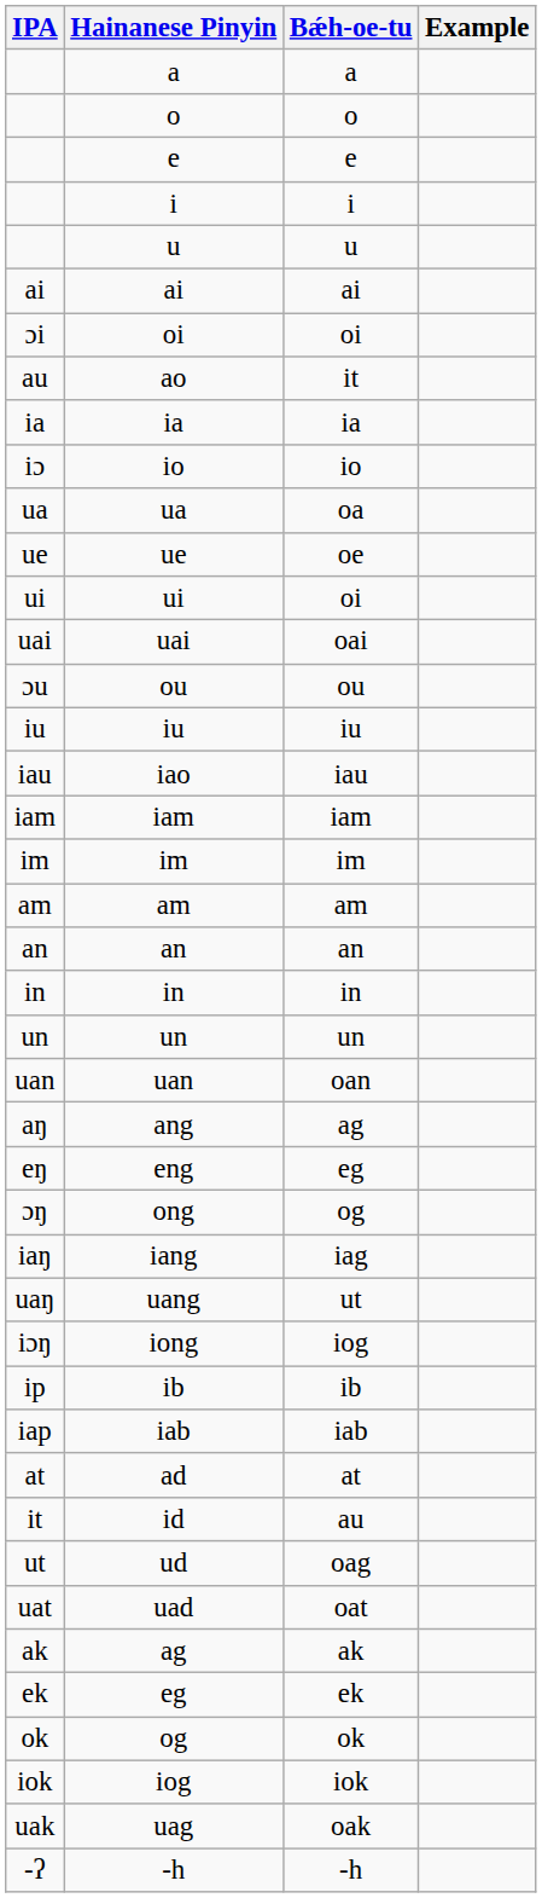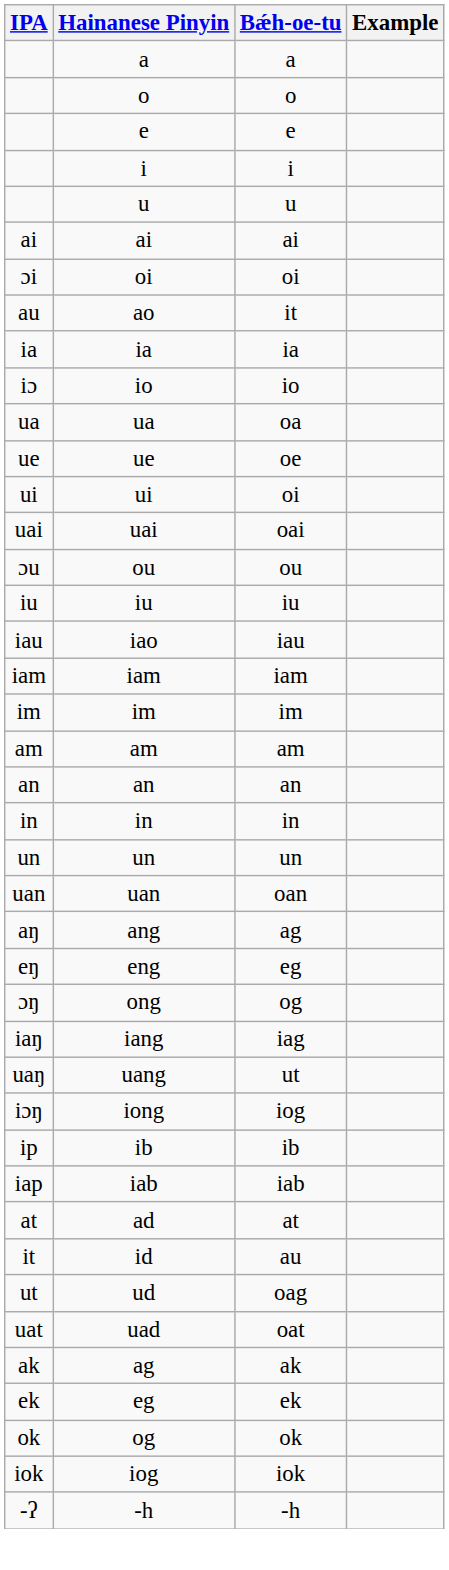 <table class="wikitable" style="text-align: center;">
 <tr>
 <th><a href='#'>IPA</a></th>
 <th><a href='#'>Hainanese Pinyin</a></th>
 <th><a href='#'>Bǽh-oe-tu</a></th>
 <th>Example</th>
 </tr>
 <tr>
 <td></td>
 <td>a</td>
 <td>a</td>
 <td></td>
 </tr>
 <tr>
 <td></td>
 <td>o</td>
 <td>o</td>
 <td></td>
 </tr>
 <tr>
 <td></td>
 <td>e</td>
 <td>e</td>
 <td></td>
 </tr>
 <tr>
 <td></td>
 <td>i</td>
 <td>i</td>
 <td></td>
 </tr>
 <tr>
 <td></td>
 <td>u</td>
 <td>u</td>
 <td></td>
 </tr>
 <tr>
 <td>ai</td>
 <td>ai</td>
 <td>ai</td>
 <td></td>
 </tr>
 <tr>
 <td>ɔi</td>
 <td>oi</td>
 <td>oi</td>
 <td></td>
 </tr>
 <tr>
 <td>au</td>
 <td>ao</td>
 <td>it</td>
 <td></td>
 </tr>
 <tr>
 <td>ia</td>
 <td>ia</td>
 <td>ia</td>
 <td></td>
 </tr>
 <tr>
 <td>iɔ</td>
 <td>io</td>
 <td>io</td>
 <td></td>
 </tr>
 <tr>
 <td>ua</td>
 <td>ua</td>
 <td>oa</td>
 <td></td>
 </tr>
 <tr>
 <td>ue</td>
 <td>ue</td>
 <td>oe</td>
 <td></td>
 </tr>
 <tr>
 <td>ui</td>
 <td>ui</td>
 <td>oi</td>
 <td></td>
 </tr>
 <tr>
 <td>uai</td>
 <td>uai</td>
 <td>oai</td>
 <td></td>
 </tr>
 <tr>
 <td>ɔu</td>
 <td>ou</td>
 <td>ou</td>
 <td></td>
 </tr>
 <tr>
 <td>iu</td>
 <td>iu</td>
 <td>iu</td>
 <td></td>
 </tr>
 <tr>
 <td>iau</td>
 <td>iao</td>
 <td>iau</td>
 <td></td>
 </tr>
 <tr>
 <td>iam</td>
 <td>iam</td>
 <td>iam</td>
 <td></td>
 </tr>
 <tr>
 <td>im</td>
 <td>im</td>
 <td>im</td>
 <td></td>
 </tr>
 <tr>
 <td>am</td>
 <td>am</td>
 <td>am</td>
 <td></td>
 </tr>
 <tr>
 <td>an</td>
 <td>an</td>
 <td>an</td>
 <td></td>
 </tr>
 <tr>
 <td>in</td>
 <td>in</td>
 <td>in</td>
 <td></td>
 </tr>
 <tr>
 <td>un</td>
 <td>un</td>
 <td>un</td>
 <td></td>
 </tr>
 <tr>
 <td>uan</td>
 <td>uan</td>
 <td>oan</td>
 <td></td>
 </tr>
 <tr>
 <td>aŋ</td>
 <td>ang</td>
 <td>ag</td>
 <td></td>
 </tr>
 <tr>
 <td>eŋ</td>
 <td>eng</td>
 <td>eg</td>
 <td></td>
 </tr>
 <tr>
 <td>ɔŋ</td>
 <td>ong</td>
 <td>og</td>
 <td></td>
 </tr>
 <tr>
 <td>iaŋ</td>
 <td>iang</td>
 <td>iag</td>
 <td></td>
 </tr>
 <tr>
 <td>uaŋ</td>
 <td>uang</td>
 <td>ut</td>
 <td></td>
 </tr>
 <tr>
 <td>iɔŋ</td>
 <td>iong</td>
 <td>iog</td>
 <td></td>
 </tr>
 <tr>
 <td>ip</td>
 <td>ib</td>
 <td>ib</td>
 <td></td>
 </tr>
 <tr>
 <td>iap</td>
 <td>iab</td>
 <td>iab</td>
 <td></td>
 </tr>
 <tr>
 <td>at</td>
 <td>ad</td>
 <td>at</td>
 <td></td>
 </tr>
 <tr>
 <td>it</td>
 <td>id</td>
 <td>au</td>
 <td></td>
 </tr>
 <tr>
 <td>ut</td>
 <td>ud</td>
 <td>oag</td>
 <td></td>
 </tr>
 <tr>
 <td>uat</td>
 <td>uad</td>
 <td>oat</td>
 <td></td>
 </tr>
 <tr>
 <td>ak</td>
 <td>ag</td>
 <td>ak</td>
 <td></td>
 </tr>
 <tr>
 <td>ek</td>
 <td>eg</td>
 <td>ek</td>
 <td></td>
 </tr>
 <tr>
 <td>ok</td>
 <td>og</td>
 <td>ok</td>
 <td></td>
 </tr>
 <tr>
 <td>iok</td>
 <td>iog</td>
 <td>iok</td>
 <td></td>
 </tr>
 <tr>
-<td>uak</td>
-<td>uag</td>
-<td>oak</td>
-<td></td>
-</tr>
-<tr>
 <td>-ʔ</td>
 <td>-h</td>
 <td>-h</td>
 <td></td>
 </tr>
 </table>
